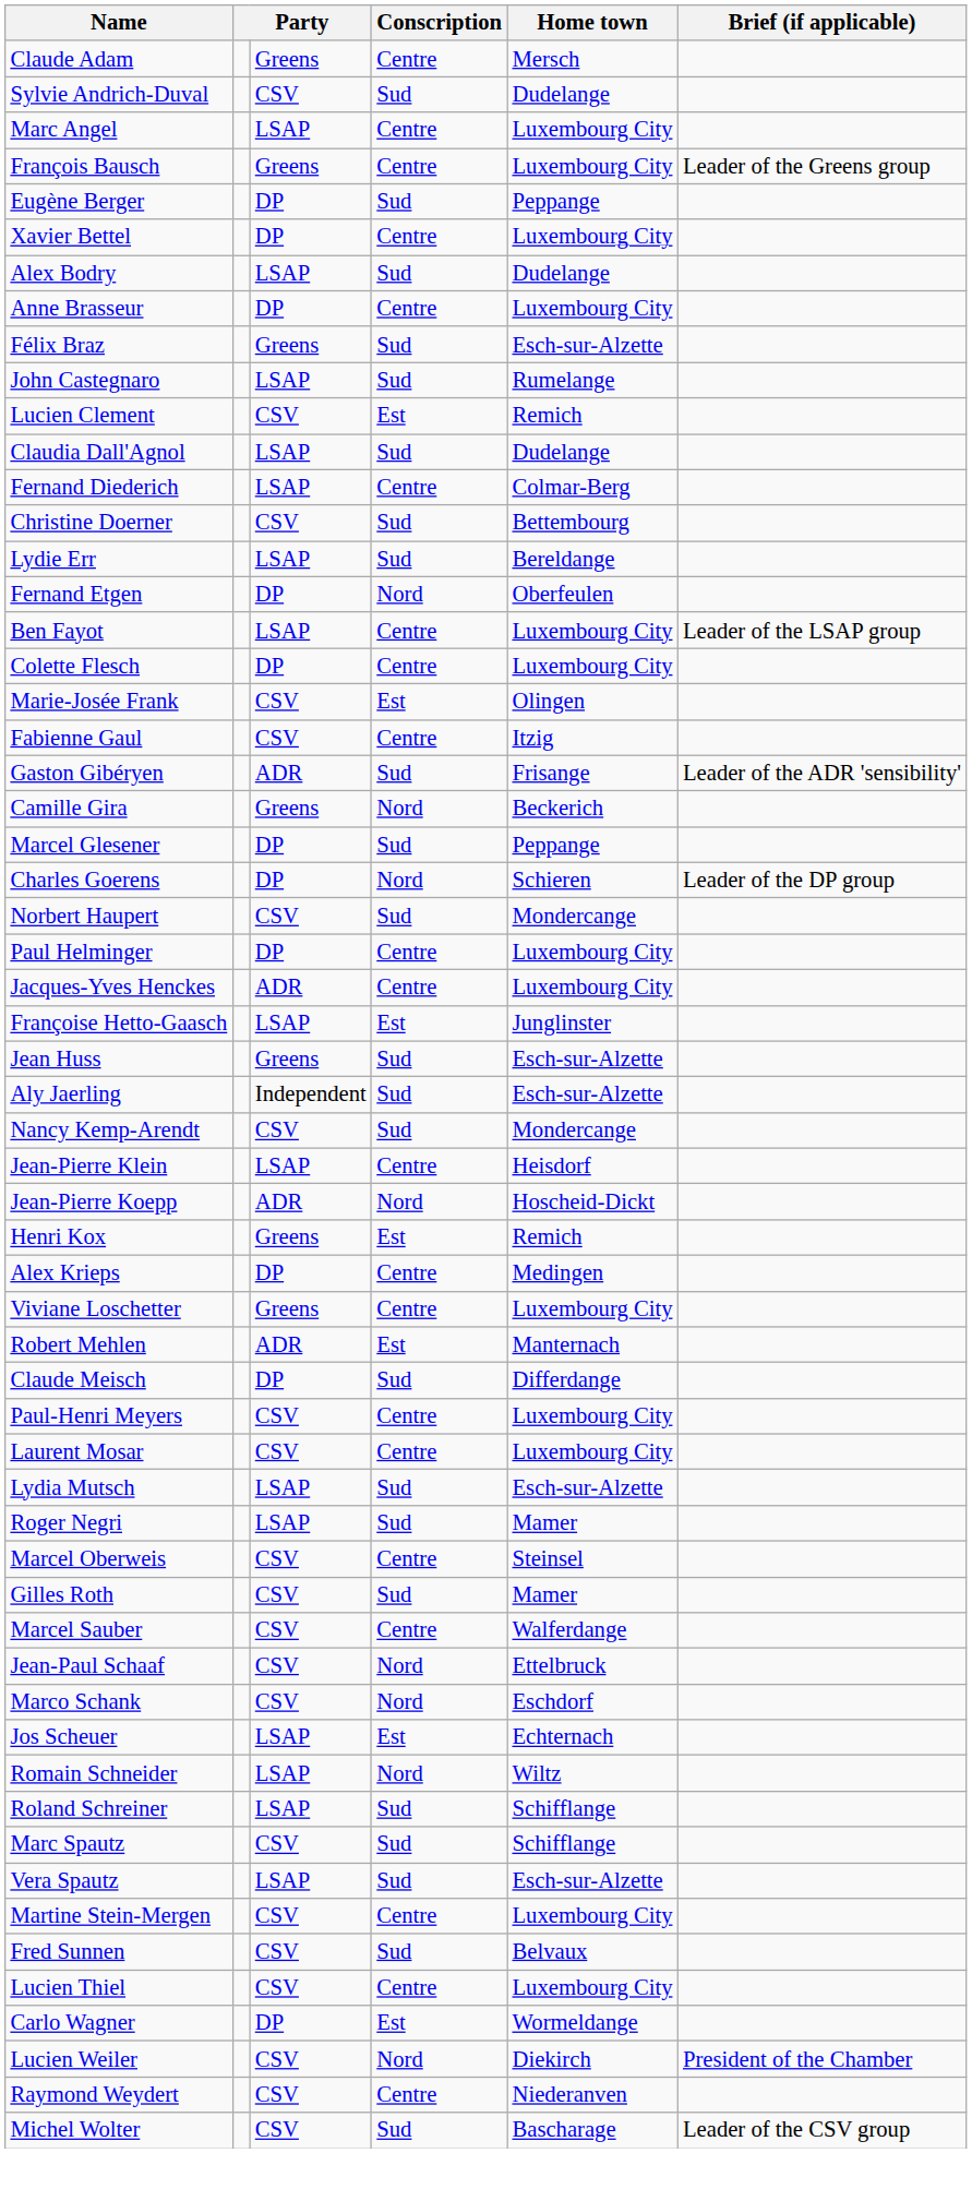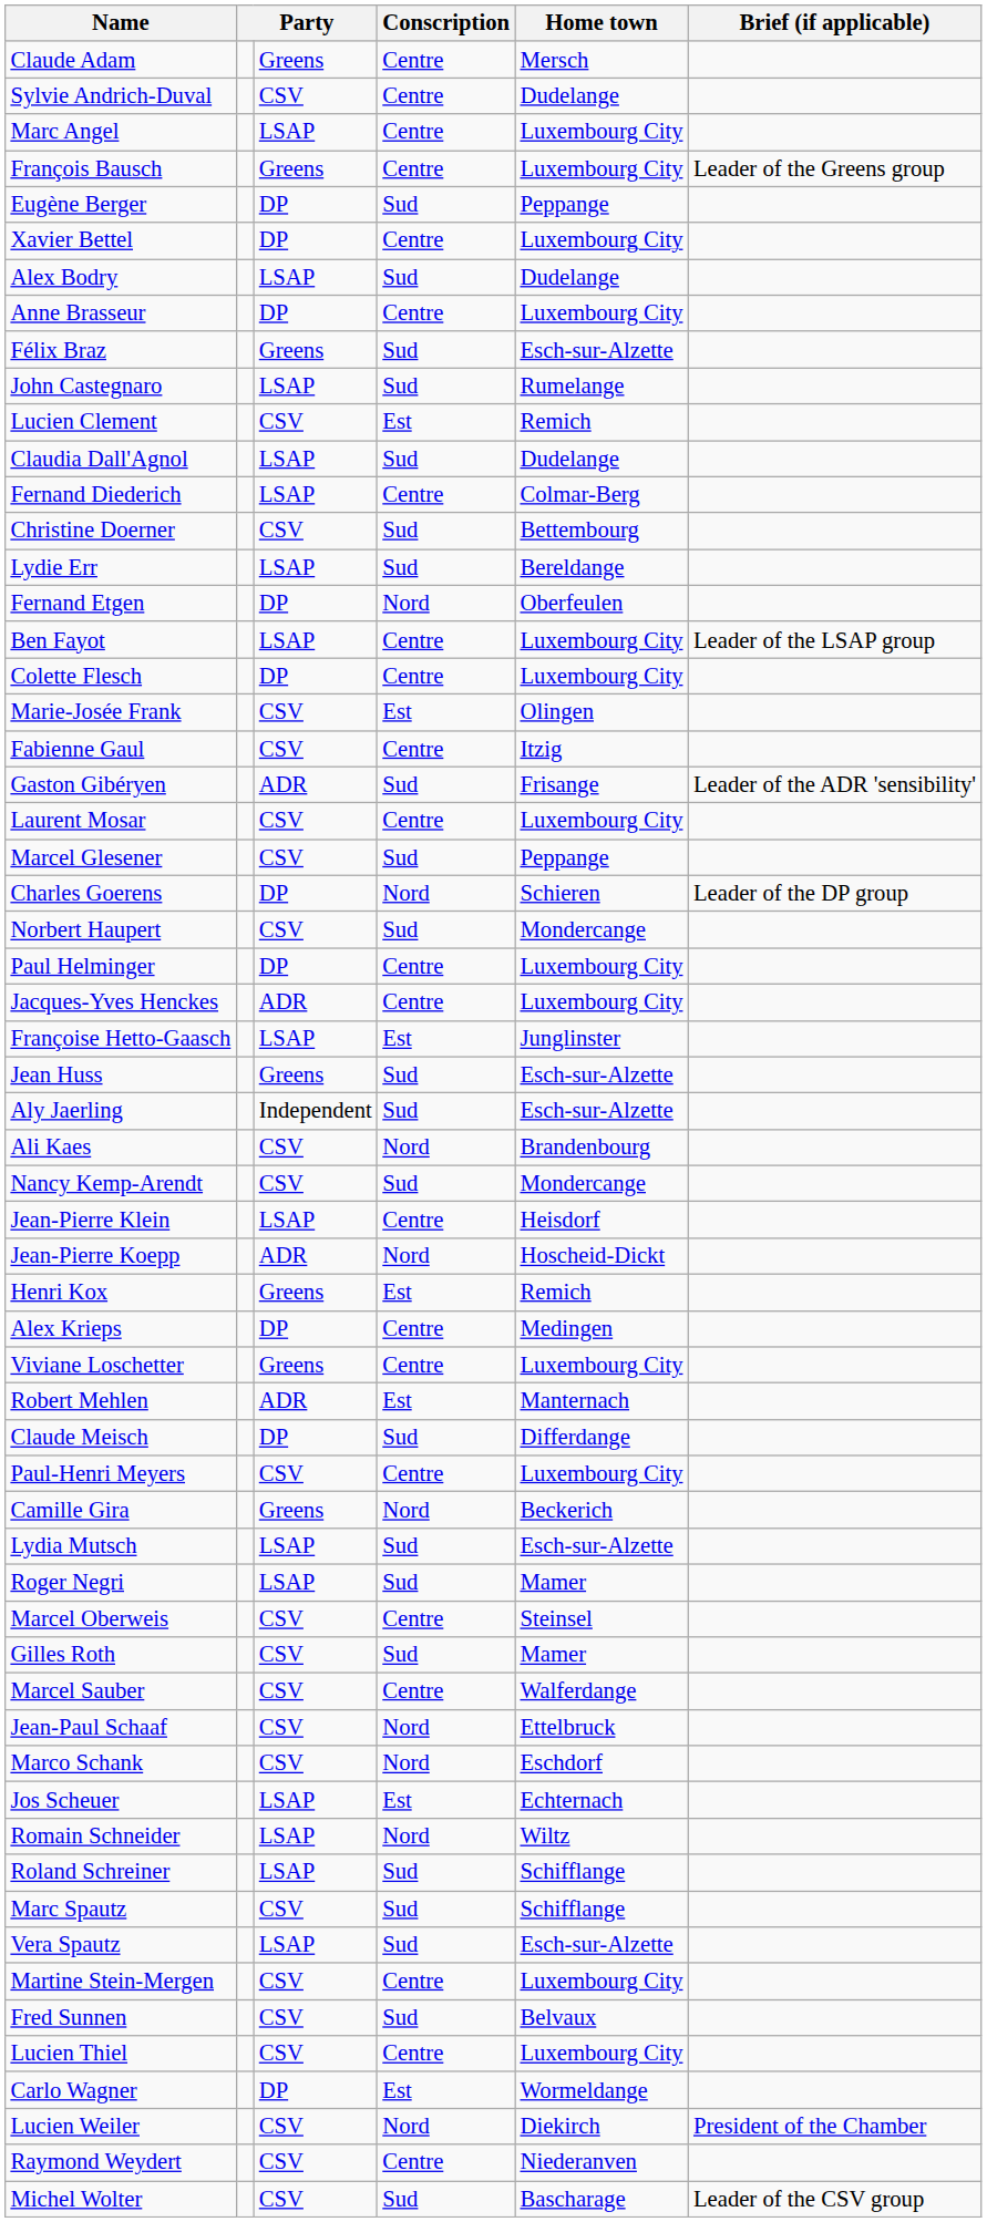 <table class="wikitable sortable">
 <tr>
 <th>Name</th>
 <th colspan=2>Party</th>
 <th>Conscription</th>
 <th>Home town</th>
 <th>Brief (if applicable)</th>
 </tr>
 <tr>
 <td><a href='#'>Claude Adam</a></td>
 <td style="background-color: "></td>
 <td><a href='#'>Greens</a></td>
 <td><a href='#'>Centre</a></td>
 <td><a href='#'>Mersch</a></td>
 <td></td>
 </tr>
 <tr>
 <td><a href='#'>Sylvie Andrich-Duval</a></td>
 <td style="background-color: "></td>
 <td><a href='#'>CSV</a></td>
-<td><a href='#'>Sud</a></td>
+<td><a href='#'>Centre</a></td>
 <td><a href='#'>Dudelange</a></td>
 <td></td>
 </tr>
 <tr>
 <td><a href='#'>Marc Angel</a></td>
 <td style="background-color: "></td>
 <td><a href='#'>LSAP</a></td>
 <td><a href='#'>Centre</a></td>
 <td><a href='#'>Luxembourg City</a></td>
 <td></td>
 </tr>
 <tr>
 <td><a href='#'>François Bausch</a></td>
 <td style="background-color: "></td>
 <td><a href='#'>Greens</a></td>
 <td><a href='#'>Centre</a></td>
 <td><a href='#'>Luxembourg City</a></td>
 <td>Leader of the Greens group</td>
 </tr>
 <tr>
 <td><a href='#'>Eugène Berger</a></td>
 <td width=5px style="background-color: "></td>
 <td><a href='#'>DP</a></td>
 <td><a href='#'>Sud</a></td>
 <td><a href='#'>Peppange</a></td>
 <td></td>
 </tr>
 <tr>
 <td><a href='#'>Xavier Bettel</a></td>
 <td width=5px style="background-color: "></td>
 <td><a href='#'>DP</a></td>
 <td><a href='#'>Centre</a></td>
 <td><a href='#'>Luxembourg City</a></td>
 <td></td>
 </tr>
 <tr>
 <td><a href='#'>Alex Bodry</a></td>
 <td style="background-color: "></td>
 <td><a href='#'>LSAP</a></td>
 <td><a href='#'>Sud</a></td>
 <td><a href='#'>Dudelange</a></td>
 <td></td>
 </tr>
 <tr>
 <td><a href='#'>Anne Brasseur</a></td>
 <td width=5px style="background-color: "></td>
 <td><a href='#'>DP</a></td>
 <td><a href='#'>Centre</a></td>
 <td><a href='#'>Luxembourg City</a></td>
 <td></td>
 </tr>
 <tr>
 <td><a href='#'>Félix Braz</a></td>
 <td style="background-color: "></td>
 <td><a href='#'>Greens</a></td>
 <td><a href='#'>Sud</a></td>
 <td><a href='#'>Esch-sur-Alzette</a></td>
 <td></td>
 </tr>
 <tr>
 <td><a href='#'>John Castegnaro</a></td>
 <td style="background-color: "></td>
 <td><a href='#'>LSAP</a></td>
 <td><a href='#'>Sud</a></td>
 <td><a href='#'>Rumelange</a></td>
 <td></td>
 </tr>
 <tr>
 <td><a href='#'>Lucien Clement</a></td>
 <td style="background-color: "></td>
 <td><a href='#'>CSV</a></td>
 <td><a href='#'>Est</a></td>
 <td><a href='#'>Remich</a></td>
 <td></td>
 </tr>
 <tr>
 <td><a href='#'>Claudia Dall'Agnol</a></td>
 <td style="background-color: "></td>
 <td><a href='#'>LSAP</a></td>
 <td><a href='#'>Sud</a></td>
 <td><a href='#'>Dudelange</a></td>
 <td></td>
 </tr>
 <tr>
 <td><a href='#'>Fernand Diederich</a></td>
 <td style="background-color: "></td>
 <td><a href='#'>LSAP</a></td>
 <td><a href='#'>Centre</a></td>
 <td><a href='#'>Colmar-Berg</a></td>
 <td></td>
 </tr>
 <tr>
 <td><a href='#'>Christine Doerner</a></td>
 <td style="background-color: "></td>
 <td><a href='#'>CSV</a></td>
 <td><a href='#'>Sud</a></td>
 <td><a href='#'>Bettembourg</a></td>
 <td></td>
 </tr>
 <tr>
 <td><a href='#'>Lydie Err</a></td>
 <td style="background-color: "></td>
 <td><a href='#'>LSAP</a></td>
 <td><a href='#'>Sud</a></td>
 <td><a href='#'>Bereldange</a></td>
 <td></td>
 </tr>
 <tr>
 <td><a href='#'>Fernand Etgen</a></td>
 <td width=5px style="background-color: "></td>
 <td><a href='#'>DP</a></td>
 <td><a href='#'>Nord</a></td>
 <td><a href='#'>Oberfeulen</a></td>
 <td></td>
 </tr>
 <tr>
 <td><a href='#'>Ben Fayot</a></td>
 <td style="background-color: "></td>
 <td><a href='#'>LSAP</a></td>
 <td><a href='#'>Centre</a></td>
 <td><a href='#'>Luxembourg City</a></td>
 <td>Leader of the LSAP group</td>
 </tr>
 <tr>
 <td><a href='#'>Colette Flesch</a></td>
 <td width=5px style="background-color: "></td>
 <td><a href='#'>DP</a></td>
 <td><a href='#'>Centre</a></td>
 <td><a href='#'>Luxembourg City</a></td>
 <td></td>
 </tr>
 <tr>
 <td><a href='#'>Marie-Josée Frank</a></td>
 <td style="background-color: "></td>
 <td><a href='#'>CSV</a></td>
 <td><a href='#'>Est</a></td>
 <td><a href='#'>Olingen</a></td>
 <td></td>
 </tr>
 <tr>
 <td><a href='#'>Fabienne Gaul</a></td>
 <td style="background-color: "></td>
 <td><a href='#'>CSV</a></td>
 <td><a href='#'>Centre</a></td>
 <td><a href='#'>Itzig</a></td>
 <td></td>
 </tr>
 <tr>
 <td><a href='#'>Gaston Gibéryen</a></td>
 <td style="background-color: "></td>
 <td><a href='#'>ADR</a></td>
 <td><a href='#'>Sud</a></td>
 <td><a href='#'>Frisange</a></td>
 <td>Leader of the ADR 'sensibility'</td>
 </tr>
 <tr>
-<td><a href='#'>Camille Gira</a></td>
+<td><a href='#'>Laurent Mosar</a></td>
 <td style="background-color: "></td>
-<td><a href='#'>Greens</a></td>
-<td><a href='#'>Nord</a></td>
-<td><a href='#'>Beckerich</a></td>
+<td><a href='#'>CSV</a></td>
+<td><a href='#'>Centre</a></td>
+<td><a href='#'>Luxembourg City</a></td>
 <td></td>
 </tr>
 <tr>
 <td><a href='#'>Marcel Glesener</a></td>
 <td style="background-color: "></td>
-<td><a href='#'>DP</a></td>
+<td><a href='#'>CSV</a></td>
 <td><a href='#'>Sud</a></td>
 <td><a href='#'>Peppange</a></td>
 <td></td>
 </tr>
 <tr>
 <td><a href='#'>Charles Goerens</a></td>
 <td width=5px style="background-color: "></td>
 <td><a href='#'>DP</a></td>
 <td><a href='#'>Nord</a></td>
 <td><a href='#'>Schieren</a></td>
 <td>Leader of the DP group</td>
 </tr>
 <tr>
 <td><a href='#'>Norbert Haupert</a></td>
 <td style="background-color: "></td>
 <td><a href='#'>CSV</a></td>
 <td><a href='#'>Sud</a></td>
 <td><a href='#'>Mondercange</a></td>
 <td></td>
 </tr>
 <tr>
 <td><a href='#'>Paul Helminger</a></td>
 <td width=5px style="background-color: "></td>
 <td><a href='#'>DP</a></td>
 <td><a href='#'>Centre</a></td>
 <td><a href='#'>Luxembourg City</a></td>
 <td></td>
 </tr>
 <tr>
 <td><a href='#'>Jacques-Yves Henckes</a></td>
 <td style="background-color: "></td>
 <td><a href='#'>ADR</a></td>
 <td><a href='#'>Centre</a></td>
 <td><a href='#'>Luxembourg City</a></td>
 <td></td>
 </tr>
 <tr>
 <td><a href='#'>Françoise Hetto-Gaasch</a></td>
 <td style="background-color: "></td>
 <td><a href='#'>LSAP</a></td>
 <td><a href='#'>Est</a></td>
 <td><a href='#'>Junglinster</a></td>
 <td></td>
 </tr>
 <tr>
 <td><a href='#'>Jean Huss</a></td>
 <td style="background-color: "></td>
 <td><a href='#'>Greens</a></td>
 <td><a href='#'>Sud</a></td>
 <td><a href='#'>Esch-sur-Alzette</a></td>
 <td></td>
 </tr>
 <tr>
 <td><a href='#'>Aly Jaerling</a></td>
 <td></td>
 <td>Independent</td>
 <td><a href='#'>Sud</a></td>
 <td><a href='#'>Esch-sur-Alzette</a></td>
+<td></td>
+</tr>
+<tr>
+<td><a href='#'>Ali Kaes</a></td>
+<td style="background-color: "></td>
+<td><a href='#'>CSV</a></td>
+<td><a href='#'>Nord</a></td>
+<td><a href='#'>Brandenbourg</a></td>
 <td></td>
 </tr>
 <tr>
 <td><a href='#'>Nancy Kemp-Arendt</a></td>
 <td style="background-color: "></td>
 <td><a href='#'>CSV</a></td>
 <td><a href='#'>Sud</a></td>
 <td><a href='#'>Mondercange</a></td>
 <td></td>
 </tr>
 <tr>
 <td><a href='#'>Jean-Pierre Klein</a></td>
 <td style="background-color: "></td>
 <td><a href='#'>LSAP</a></td>
 <td><a href='#'>Centre</a></td>
 <td><a href='#'>Heisdorf</a></td>
 <td></td>
 </tr>
 <tr>
 <td><a href='#'>Jean-Pierre Koepp</a></td>
 <td style="background-color: "></td>
 <td><a href='#'>ADR</a></td>
 <td><a href='#'>Nord</a></td>
 <td><a href='#'>Hoscheid-Dickt</a></td>
 <td></td>
 </tr>
 <tr>
 <td><a href='#'>Henri Kox</a></td>
 <td style="background-color: "></td>
 <td><a href='#'>Greens</a></td>
 <td><a href='#'>Est</a></td>
 <td><a href='#'>Remich</a></td>
 <td></td>
 </tr>
 <tr>
 <td><a href='#'>Alex Krieps</a></td>
 <td width=5px style="background-color: "></td>
 <td><a href='#'>DP</a></td>
 <td><a href='#'>Centre</a></td>
 <td><a href='#'>Medingen</a></td>
 <td></td>
 </tr>
 <tr>
 <td><a href='#'>Viviane Loschetter</a></td>
 <td style="background-color: "></td>
 <td><a href='#'>Greens</a></td>
 <td><a href='#'>Centre</a></td>
 <td><a href='#'>Luxembourg City</a></td>
 <td></td>
 </tr>
 <tr>
 <td><a href='#'>Robert Mehlen</a></td>
 <td style="background-color: "></td>
 <td><a href='#'>ADR</a></td>
 <td><a href='#'>Est</a></td>
 <td><a href='#'>Manternach</a></td>
 <td></td>
 </tr>
 <tr>
 <td><a href='#'>Claude Meisch</a></td>
 <td width=5px style="background-color: "></td>
 <td><a href='#'>DP</a></td>
 <td><a href='#'>Sud</a></td>
 <td><a href='#'>Differdange</a></td>
 <td></td>
 </tr>
 <tr>
 <td><a href='#'>Paul-Henri Meyers</a></td>
 <td style="background-color: "></td>
 <td><a href='#'>CSV</a></td>
 <td><a href='#'>Centre</a></td>
 <td><a href='#'>Luxembourg City</a></td>
 <td></td>
 </tr>
 <tr>
-<td><a href='#'>Laurent Mosar</a></td>
+<td><a href='#'>Camille Gira</a></td>
 <td style="background-color: "></td>
-<td><a href='#'>CSV</a></td>
-<td><a href='#'>Centre</a></td>
-<td><a href='#'>Luxembourg City</a></td>
+<td><a href='#'>Greens</a></td>
+<td><a href='#'>Nord</a></td>
+<td><a href='#'>Beckerich</a></td>
 <td></td>
 </tr>
 <tr>
 <td><a href='#'>Lydia Mutsch</a></td>
 <td style="background-color: "></td>
 <td><a href='#'>LSAP</a></td>
 <td><a href='#'>Sud</a></td>
 <td><a href='#'>Esch-sur-Alzette</a></td>
 <td></td>
 </tr>
 <tr>
 <td><a href='#'>Roger Negri</a></td>
 <td style="background-color: "></td>
 <td><a href='#'>LSAP</a></td>
 <td><a href='#'>Sud</a></td>
 <td><a href='#'>Mamer</a></td>
 <td></td>
 </tr>
 <tr>
 <td><a href='#'>Marcel Oberweis</a></td>
 <td style="background-color: "></td>
 <td><a href='#'>CSV</a></td>
 <td><a href='#'>Centre</a></td>
 <td><a href='#'>Steinsel</a></td>
 <td></td>
 </tr>
 <tr>
 <td><a href='#'>Gilles Roth</a></td>
 <td style="background-color: "></td>
 <td><a href='#'>CSV</a></td>
 <td><a href='#'>Sud</a></td>
 <td><a href='#'>Mamer</a></td>
 <td></td>
 </tr>
 <tr>
 <td><a href='#'>Marcel Sauber</a></td>
 <td style="background-color: "></td>
 <td><a href='#'>CSV</a></td>
 <td><a href='#'>Centre</a></td>
 <td><a href='#'>Walferdange</a></td>
 <td></td>
 </tr>
 <tr>
 <td><a href='#'>Jean-Paul Schaaf</a></td>
 <td style="background-color: "></td>
 <td><a href='#'>CSV</a></td>
 <td><a href='#'>Nord</a></td>
 <td><a href='#'>Ettelbruck</a></td>
 <td></td>
 </tr>
 <tr>
 <td><a href='#'>Marco Schank</a></td>
 <td style="background-color: "></td>
 <td><a href='#'>CSV</a></td>
 <td><a href='#'>Nord</a></td>
 <td><a href='#'>Eschdorf</a></td>
 <td></td>
 </tr>
 <tr>
 <td><a href='#'>Jos Scheuer</a></td>
 <td style="background-color: "></td>
 <td><a href='#'>LSAP</a></td>
 <td><a href='#'>Est</a></td>
 <td><a href='#'>Echternach</a></td>
 <td></td>
 </tr>
 <tr>
 <td><a href='#'>Romain Schneider</a></td>
 <td style="background-color: "></td>
 <td><a href='#'>LSAP</a></td>
 <td><a href='#'>Nord</a></td>
 <td><a href='#'>Wiltz</a></td>
 <td></td>
 </tr>
 <tr>
 <td><a href='#'>Roland Schreiner</a></td>
 <td style="background-color: "></td>
 <td><a href='#'>LSAP</a></td>
 <td><a href='#'>Sud</a></td>
 <td><a href='#'>Schifflange</a></td>
 <td></td>
 </tr>
 <tr>
 <td><a href='#'>Marc Spautz</a></td>
 <td style="background-color: "></td>
 <td><a href='#'>CSV</a></td>
 <td><a href='#'>Sud</a></td>
 <td><a href='#'>Schifflange</a></td>
 <td></td>
 </tr>
 <tr>
 <td><a href='#'>Vera Spautz</a></td>
 <td style="background-color: "></td>
 <td><a href='#'>LSAP</a></td>
 <td><a href='#'>Sud</a></td>
 <td><a href='#'>Esch-sur-Alzette</a></td>
 <td></td>
 </tr>
 <tr>
 <td><a href='#'>Martine Stein-Mergen</a></td>
 <td style="background-color: "></td>
 <td><a href='#'>CSV</a></td>
 <td><a href='#'>Centre</a></td>
 <td><a href='#'>Luxembourg City</a></td>
 <td></td>
 </tr>
 <tr>
 <td><a href='#'>Fred Sunnen</a></td>
 <td style="background-color: "></td>
 <td><a href='#'>CSV</a></td>
 <td><a href='#'>Sud</a></td>
 <td><a href='#'>Belvaux</a></td>
 <td></td>
 </tr>
 <tr>
 <td><a href='#'>Lucien Thiel</a></td>
 <td style="background-color: "></td>
 <td><a href='#'>CSV</a></td>
 <td><a href='#'>Centre</a></td>
 <td><a href='#'>Luxembourg City</a></td>
 <td></td>
 </tr>
 <tr>
 <td><a href='#'>Carlo Wagner</a></td>
 <td width=5px style="background-color: "></td>
 <td><a href='#'>DP</a></td>
 <td><a href='#'>Est</a></td>
 <td><a href='#'>Wormeldange</a></td>
 <td></td>
 </tr>
 <tr>
 <td><a href='#'>Lucien Weiler</a></td>
 <td style="background-color: "></td>
 <td><a href='#'>CSV</a></td>
 <td><a href='#'>Nord</a></td>
 <td><a href='#'>Diekirch</a></td>
 <td><a href='#'>President of the Chamber</a></td>
 </tr>
 <tr>
 <td><a href='#'>Raymond Weydert</a></td>
 <td style="background-color: "></td>
 <td><a href='#'>CSV</a></td>
 <td><a href='#'>Centre</a></td>
 <td><a href='#'>Niederanven</a></td>
 <td></td>
 </tr>
 <tr>
 <td><a href='#'>Michel Wolter</a></td>
 <td style="background-color: "></td>
 <td><a href='#'>CSV</a></td>
 <td><a href='#'>Sud</a></td>
 <td><a href='#'>Bascharage</a></td>
 <td>Leader of the CSV group</td>
 </tr>
 </table>
